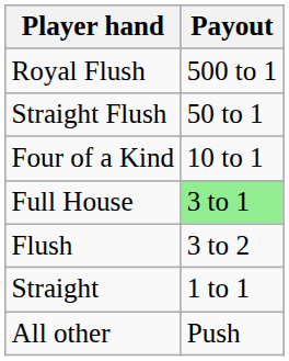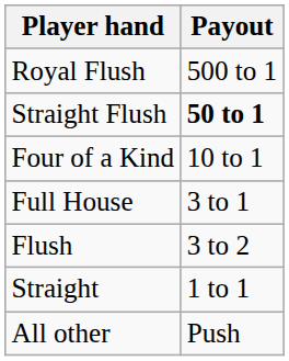 <table class="wikitable">
 <tr>
 <th>Player hand</th>
 <th>Payout</th>
 </tr>
 <tr>
 <td>Royal Flush</td>
 <td>500 to 1</td>
 </tr>
 <tr>
 <td>Straight Flush</td>
-<td>50 to 1</td>
+<td><strong>50 to 1</strong></td>
 </tr>
 <tr>
 <td>Four of a Kind</td>
 <td>10 to 1</td>
 </tr>
 <tr>
 <td>Full House</td>
-<td style="background: lightgreen;">3 to 1</td>
+<td>3 to 1</td>
 </tr>
 <tr>
 <td>Flush</td>
 <td>3 to 2</td>
 </tr>
 <tr>
 <td>Straight</td>
 <td>1 to 1</td>
 </tr>
 <tr>
 <td>All other</td>
 <td>Push</td>
 </tr>
 </table>
